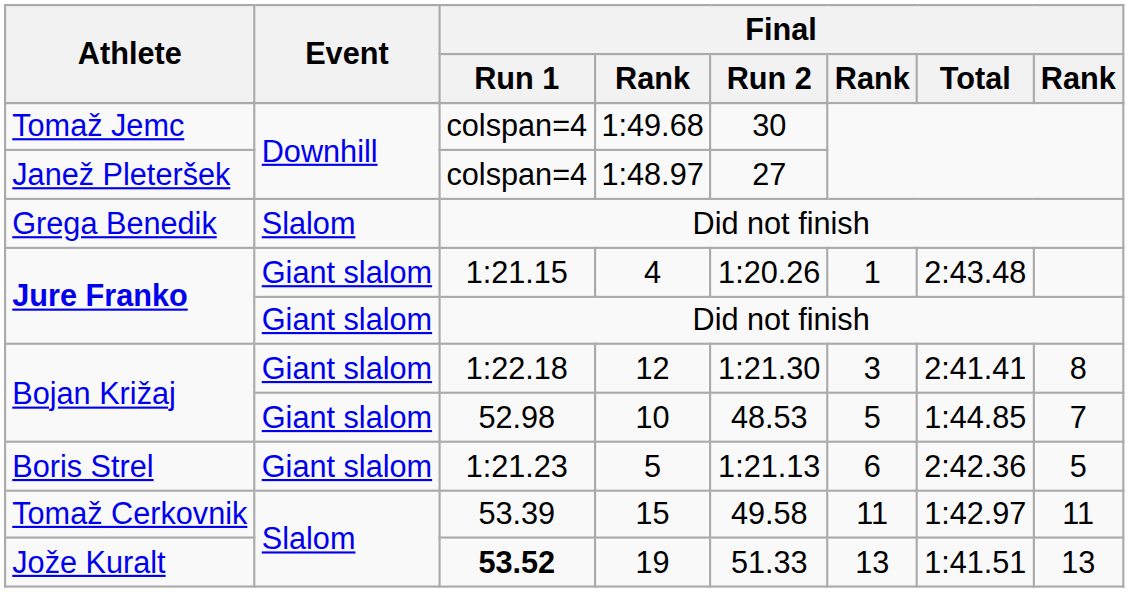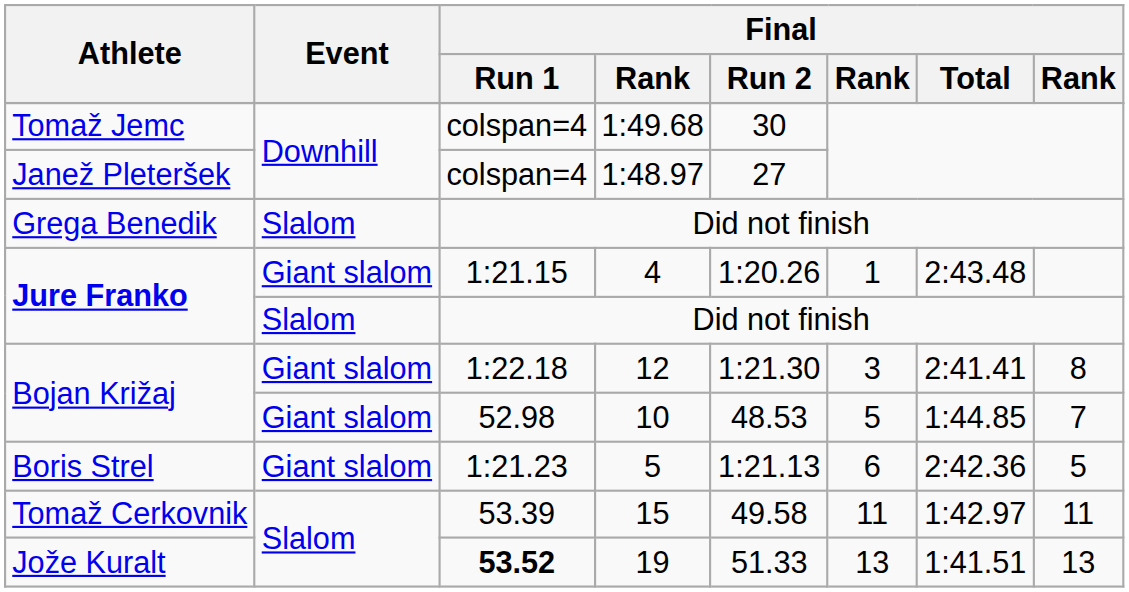 <table class="wikitable" style="font-size:90%">
 <tr>
 <th rowspan="2">Athlete</th>
 <th rowspan="2">Event</th>
 <th colspan="6">Final</th>
 </tr>
 <tr>
 <th>Run 1</th>
 <th>Rank</th>
 <th>Run 2</th>
 <th>Rank</th>
 <th>Total</th>
 <th>Rank</th>
 </tr>
 <tr>
 </tr>
 <tr align="center">
 <td align="left"><a href='#'>Tomaž Jemc</a></td>
 <td align="left" rowspan=2><a href='#'>Downhill</a></td>
 <td>colspan=4 </td>
 <td>1:49.68</td>
 <td>30</td>
 </tr>
 <tr align="center">
 <td align="left"><a href='#'>Janež Pleteršek</a></td>
 <td>colspan=4 </td>
 <td>1:48.97</td>
 <td>27</td>
 </tr>
 <tr align="center">
 <td align="left"><a href='#'>Grega Benedik</a></td>
 <td align="left"><a href='#'>Slalom</a></td>
 <td colspan=6>Did not finish</td>
 </tr>
 <tr align="center">
 <td align="left" rowspan=2><strong><a href='#'>Jure Franko</a></strong></td>
 <td align="left"><a href='#'>Giant slalom</a></td>
 <td>1:21.15</td>
 <td>4</td>
 <td>1:20.26</td>
 <td>1</td>
 <td>2:43.48</td>
 <td></td>
 </tr>
 <tr align="center">
-<td align="left"><a href='#'>Giant slalom</a></td>
+<td align="left"><a href='#'>Slalom</a></td>
 <td colspan=6>Did not finish</td>
 </tr>
 <tr align="center">
 <td align="left" rowspan=2><a href='#'>Bojan Križaj</a></td>
 <td align="left"><a href='#'>Giant slalom</a></td>
 <td>1:22.18</td>
 <td>12</td>
 <td>1:21.30</td>
 <td>3</td>
 <td>2:41.41</td>
 <td>8</td>
 </tr>
 <tr align="center">
 <td align="left"><a href='#'>Giant slalom</a></td>
 <td>52.98</td>
 <td>10</td>
 <td>48.53</td>
 <td>5</td>
 <td>1:44.85</td>
 <td>7</td>
 </tr>
 <tr align="center">
 <td align="left"><a href='#'>Boris Strel</a></td>
 <td align="left"><a href='#'>Giant slalom</a></td>
 <td>1:21.23</td>
 <td>5</td>
 <td>1:21.13</td>
 <td>6</td>
 <td>2:42.36</td>
 <td>5</td>
 </tr>
 <tr align="center">
 <td align="left"><a href='#'>Tomaž Cerkovnik</a></td>
 <td align="left" rowspan=2><a href='#'>Slalom</a></td>
 <td>53.39</td>
 <td>15</td>
 <td>49.58</td>
 <td>11</td>
 <td>1:42.97</td>
 <td>11</td>
 </tr>
 <tr align="center">
 <td align="left"><a href='#'>Jože Kuralt</a></td>
 <td><strong>53.52</strong></td>
 <td>19</td>
 <td>51.33</td>
 <td>13</td>
 <td>1:41.51</td>
 <td>13</td>
 </tr>
 </table>
